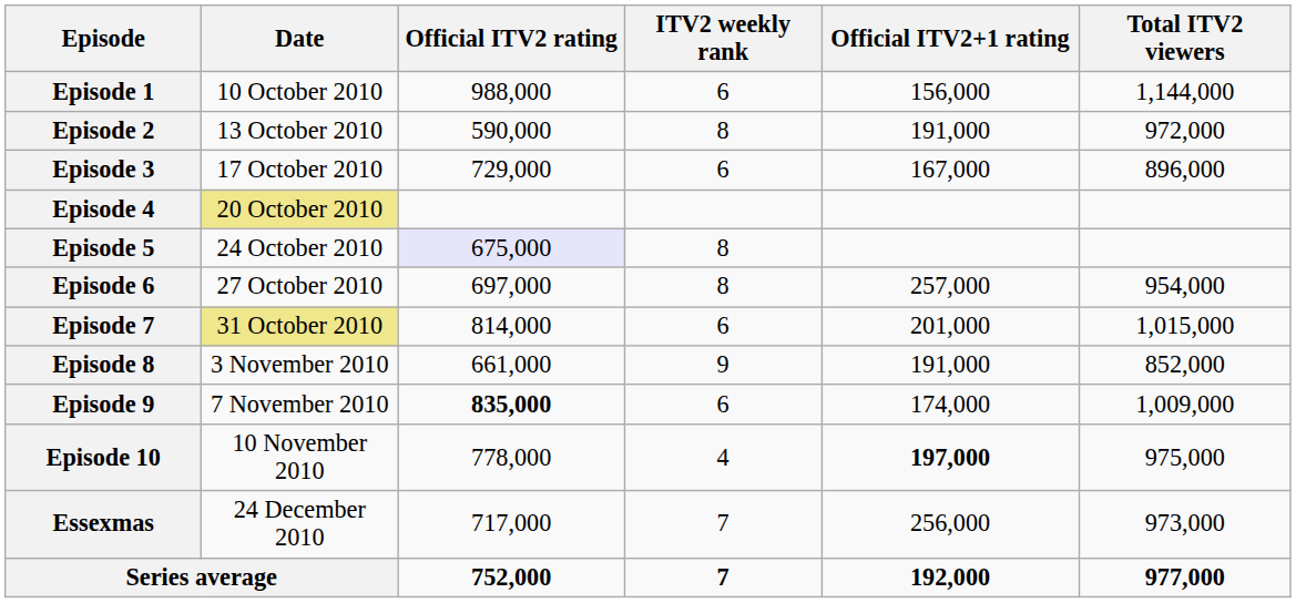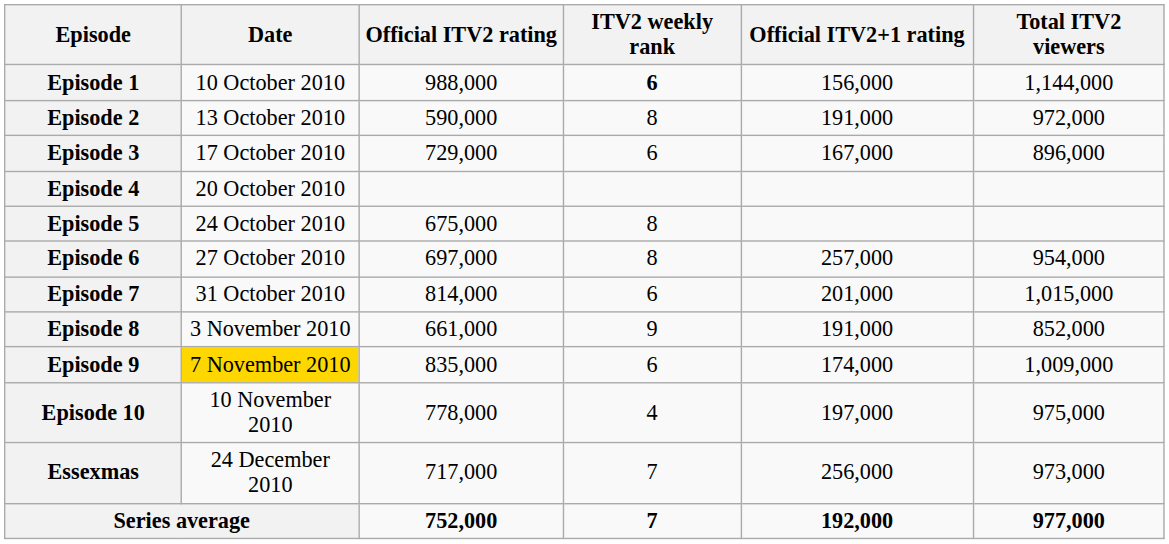 <table class="wikitable sortable" style="text-align:center">
 <tr>
 <th scope="col" style="width:120px;">Episode</th>
 <th scope="col" style="width:120px;">Date</th>
 <th scope="col" style="width:140px;">Official ITV2 rating</th>
 <th scope="col" style="width:120px;">ITV2 weekly rank</th>
 <th scope="col" style="width:160px;">Official ITV2+1 rating</th>
 <th scope="col" style="width:130px;">Total ITV2 viewers</th>
 </tr>
 <tr>
 <th scope="row">Episode 1</th>
 <td>10 October 2010</td>
 <td>988,000</td>
-<td>6</td>
+<td><strong>6</strong></td>
 <td>156,000</td>
 <td>1,144,000</td>
 </tr>
 <tr>
 <th scope="row">Episode 2</th>
 <td>13 October 2010</td>
 <td>590,000</td>
 <td>8</td>
 <td>191,000</td>
 <td>972,000</td>
 </tr>
 <tr>
 <th scope="row">Episode 3</th>
 <td>17 October 2010</td>
 <td>729,000</td>
 <td>6</td>
 <td>167,000</td>
 <td>896,000</td>
 </tr>
 <tr>
 <th scope="row">Episode 4</th>
-<td style="background: khaki;">20 October 2010</td>
+<td>20 October 2010</td>
 <td></td>
 <td></td>
 <td></td>
 <td></td>
 </tr>
 <tr>
 <th scope="row">Episode 5</th>
 <td>24 October 2010</td>
-<td style="background: lavender;">675,000</td>
+<td>675,000</td>
 <td>8</td>
 <td></td>
 <td></td>
 </tr>
 <tr>
 <th scope="row">Episode 6</th>
 <td>27 October 2010</td>
 <td>697,000</td>
 <td>8</td>
 <td>257,000</td>
 <td>954,000</td>
 </tr>
 <tr>
 <th scope="row">Episode 7</th>
-<td style="background: khaki;">31 October 2010</td>
+<td>31 October 2010</td>
 <td>814,000</td>
 <td>6</td>
 <td>201,000</td>
 <td>1,015,000</td>
 </tr>
 <tr>
 <th scope="row">Episode 8</th>
 <td>3 November 2010</td>
 <td>661,000</td>
 <td>9</td>
 <td>191,000</td>
 <td>852,000</td>
 </tr>
 <tr>
 <th scope="row">Episode 9</th>
-<td>7 November 2010</td>
-<td><strong>835,000</strong></td>
+<td style="background: gold;">7 November 2010</td>
+<td>835,000</td>
 <td>6</td>
 <td>174,000</td>
 <td>1,009,000</td>
 </tr>
 <tr>
 <th scope="row">Episode 10</th>
 <td>10 November 2010</td>
 <td>778,000</td>
 <td>4</td>
-<td><strong>197,000</strong></td>
+<td>197,000</td>
 <td>975,000</td>
 </tr>
 <tr>
 <th scope="row">Essexmas</th>
 <td>24 December 2010</td>
 <td>717,000</td>
 <td>7</td>
 <td>256,000</td>
 <td>973,000</td>
 </tr>
 <tr>
 <th scope="row" colspan="2">Series average</th>
 <td><strong>752,000</strong></td>
 <td><strong>7</strong></td>
 <td><strong>192,000</strong></td>
 <td><strong>977,000</strong></td>
 </tr>
 </table>
